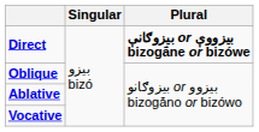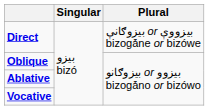 <table class="wikitable">
 <tr>
 <th></th>
 <th>Singular</th>
 <th>Plural</th>
 </tr>
 <tr>
 <td><strong><a href='#'>Direct</a></strong></td>
 <td rowspan="4">بیزو<br>bizó</td>
-<td><strong>بیزوګانې <em>or</em> بیزووې<br>bizogā́ne <em>or</em> bizówe</strong></td>
+<td>بیزوګانې <em>or</em> بیزووې<br>bizogā́ne <em>or</em> bizówe</td>
 </tr>
 <tr>
 <td><strong><a href='#'>Oblique</a></strong></td>
 <td rowspan="3">بیزوګانو <em>or</em> بیزوو<br>bizogā́no <em>or</em> bizówo</td>
 </tr>
 <tr>
 <td><strong><a href='#'>Ablative</a></strong></td>
 </tr>
 <tr>
 <td><strong><a href='#'>Vocative</a></strong></td>
 </tr>
 </table>
